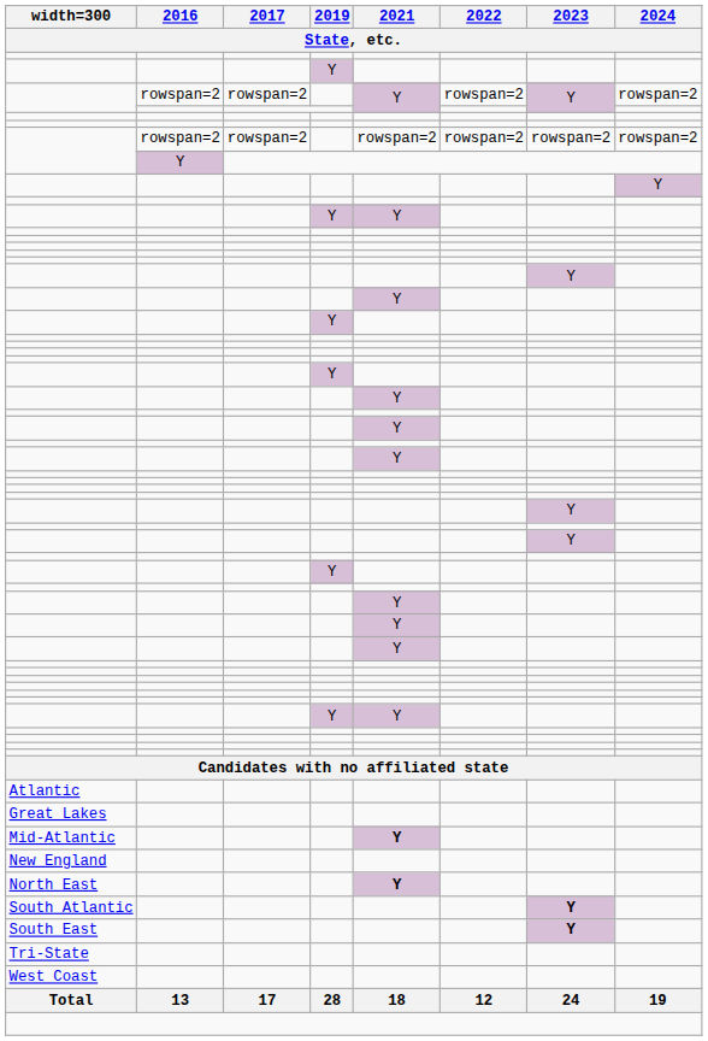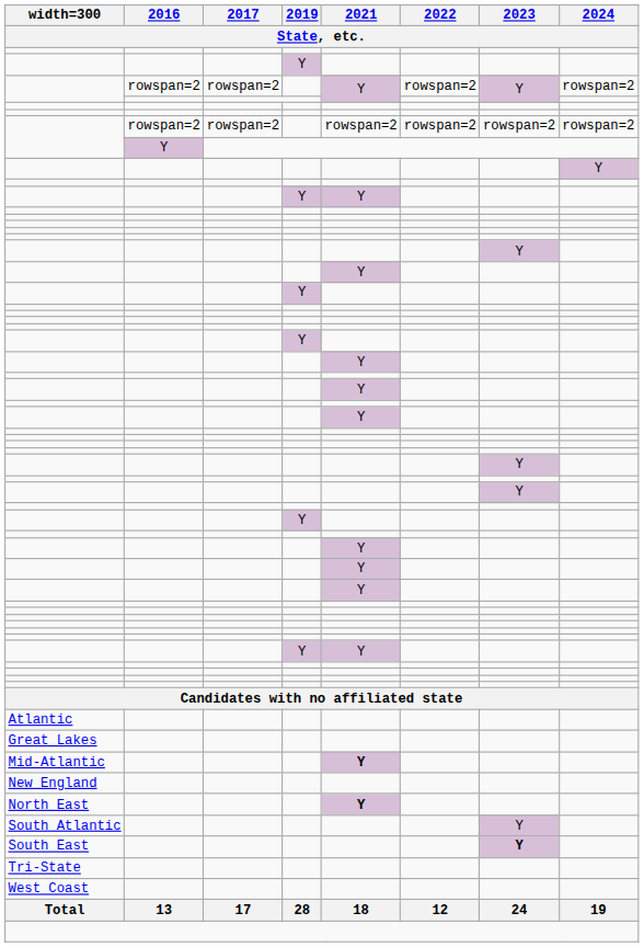 <table class="wikitable" style="font-size: 85%;">
 <tr>
 <th>width=300 </th>
 <th><a href='#'>2016</a></th>
 <th><a href='#'>2017</a></th>
 <th><a href='#'>2019</a></th>
 <th><a href='#'>2021</a></th>
 <th><a href='#'>2022</a></th>
 <th><a href='#'>2023</a></th>
 <th><a href='#'>2024</a></th>
 </tr>
 <tr>
 <th colspan=8><a href='#'>State</a>, etc.</th>
 </tr>
 <tr>
 <td></td>
 <td></td>
 <td></td>
 <td></td>
 <td></td>
 <td></td>
 <td></td>
 <td></td>
 </tr>
 <tr>
 <td></td>
 <td></td>
 <td></td>
 <td bgcolor=#D8BFD8 align=center>Y</td>
 <td></td>
 <td></td>
 <td></td>
 <td></td>
 </tr>
 <tr>
 <td rowspan=2></td>
 <td>rowspan=2 </td>
 <td>rowspan=2 </td>
 <td></td>
 <td rowspan=2 bgcolor=#D8BFD8 align=center>Y</td>
 <td>rowspan=2 </td>
 <td rowspan=2 bgcolor=#D8BFD8 align=center>Y</td>
 <td>rowspan=2 </td>
 </tr>
 <tr>
 <td></td>
 </tr>
 <tr>
 <td></td>
 <td></td>
 <td></td>
 <td></td>
 <td></td>
 <td></td>
 <td></td>
 <td></td>
 </tr>
 <tr>
 <td></td>
 <td></td>
 <td></td>
 <td></td>
 <td></td>
 <td></td>
 <td></td>
 <td></td>
 </tr>
 <tr>
 <td rowspan=2></td>
 <td>rowspan=2 </td>
 <td>rowspan=2 </td>
 <td></td>
 <td>rowspan=2 </td>
 <td>rowspan=2 </td>
 <td>rowspan=2 </td>
 <td>rowspan=2 </td>
 </tr>
 <tr>
 <td bgcolor=#D8BFD8 align=center>Y</td>
 </tr>
 <tr>
 <td></td>
 <td></td>
 <td></td>
 <td></td>
 <td></td>
 <td></td>
 <td></td>
 <td bgcolor=#D8BFD8 align=center>Y</td>
 </tr>
 <tr>
 <td></td>
 <td></td>
 <td></td>
 <td></td>
 <td></td>
 <td></td>
 <td></td>
 <td></td>
 </tr>
 <tr>
 <td></td>
 <td></td>
 <td></td>
 <td bgcolor=#D8BFD8 align=center>Y</td>
 <td bgcolor=#D8BFD8 align=center>Y</td>
 <td></td>
 <td></td>
 <td></td>
 </tr>
 <tr>
 <td></td>
 <td></td>
 <td></td>
 <td></td>
 <td></td>
 <td></td>
 <td></td>
 <td></td>
 </tr>
 <tr>
 <td></td>
 <td></td>
 <td></td>
 <td></td>
 <td></td>
 <td></td>
 <td></td>
 <td></td>
 </tr>
 <tr>
 <td></td>
 <td></td>
 <td></td>
 <td></td>
 <td></td>
 <td></td>
 <td></td>
 <td></td>
 </tr>
 <tr>
 <td></td>
 <td></td>
 <td></td>
 <td></td>
 <td></td>
 <td></td>
 <td></td>
 <td></td>
 </tr>
 <tr>
 <td></td>
 <td></td>
 <td></td>
 <td></td>
 <td></td>
 <td></td>
 <td></td>
 <td></td>
 </tr>
 <tr>
 <td></td>
 <td></td>
 <td></td>
 <td></td>
 <td></td>
 <td></td>
 <td bgcolor=#D8BFD8 align=center>Y</td>
 <td></td>
 </tr>
 <tr>
 <td></td>
 <td></td>
 <td></td>
 <td></td>
 <td bgcolor=#D8BFD8 align=center>Y</td>
 <td></td>
 <td></td>
 <td></td>
 </tr>
 <tr>
 <td></td>
 <td></td>
 <td></td>
 <td bgcolor=#D8BFD8 align=center>Y</td>
 <td></td>
 <td></td>
 <td></td>
 <td></td>
 </tr>
 <tr>
 <td></td>
 <td></td>
 <td></td>
 <td></td>
 <td></td>
 <td></td>
 <td></td>
 <td></td>
 </tr>
 <tr>
 <td></td>
 <td></td>
 <td></td>
 <td></td>
 <td></td>
 <td></td>
 <td></td>
 <td></td>
 </tr>
 <tr>
 <td></td>
 <td></td>
 <td></td>
 <td></td>
 <td></td>
 <td></td>
 <td></td>
 <td></td>
 </tr>
 <tr>
 <td></td>
 <td></td>
 <td></td>
 <td></td>
 <td></td>
 <td></td>
 <td></td>
 <td></td>
 </tr>
 <tr>
 <td></td>
 <td></td>
 <td></td>
 <td bgcolor=#D8BFD8 align=center>Y</td>
 <td></td>
 <td></td>
 <td></td>
 <td></td>
 </tr>
 <tr>
 <td></td>
 <td></td>
 <td></td>
 <td></td>
 <td bgcolor=#D8BFD8 align=center>Y</td>
 <td></td>
 <td></td>
 <td></td>
 </tr>
 <tr>
 <td></td>
 <td></td>
 <td></td>
 <td></td>
 <td></td>
 <td></td>
 <td></td>
 <td></td>
 </tr>
 <tr>
 <td></td>
 <td></td>
 <td></td>
 <td></td>
 <td bgcolor=#D8BFD8 align=center>Y</td>
 <td></td>
 <td></td>
 <td></td>
 </tr>
 <tr>
 <td></td>
 <td></td>
 <td></td>
 <td></td>
 <td></td>
 <td></td>
 <td></td>
 <td></td>
 </tr>
 <tr>
 <td></td>
 <td></td>
 <td></td>
 <td></td>
 <td bgcolor=#D8BFD8 align=center>Y</td>
 <td></td>
 <td></td>
 <td></td>
 </tr>
 <tr>
 <td></td>
 <td></td>
 <td></td>
 <td></td>
 <td></td>
 <td></td>
 <td></td>
 <td></td>
 </tr>
 <tr>
 <td></td>
 <td></td>
 <td></td>
 <td></td>
 <td></td>
 <td></td>
 <td></td>
 <td></td>
 </tr>
 <tr>
 <td></td>
 <td></td>
 <td></td>
 <td></td>
 <td></td>
 <td></td>
 <td></td>
 <td></td>
 </tr>
 <tr>
 <td></td>
 <td></td>
 <td></td>
 <td></td>
 <td></td>
 <td></td>
 <td></td>
 <td></td>
 </tr>
 <tr>
 <td></td>
 <td></td>
 <td></td>
 <td></td>
 <td></td>
 <td></td>
 <td bgcolor=#D8BFD8 align=center>Y</td>
 <td></td>
 </tr>
 <tr>
 <td></td>
 <td></td>
 <td></td>
 <td></td>
 <td></td>
 <td></td>
 <td></td>
 <td></td>
 </tr>
 <tr>
 <td></td>
 <td></td>
 <td></td>
 <td></td>
 <td></td>
 <td></td>
 <td bgcolor=#D8BFD8 align=center>Y</td>
 <td></td>
 </tr>
 <tr>
 <td></td>
 <td></td>
 <td></td>
 <td></td>
 <td></td>
 <td></td>
 <td></td>
 <td></td>
 </tr>
 <tr>
 <td></td>
 <td></td>
 <td></td>
 <td bgcolor=#D8BFD8 align=center>Y</td>
 <td></td>
 <td></td>
 <td></td>
 <td></td>
 </tr>
 <tr>
 <td></td>
 <td></td>
 <td></td>
 <td></td>
 <td></td>
 <td></td>
 <td></td>
 <td></td>
 </tr>
 <tr>
 <td></td>
 <td></td>
 <td></td>
 <td></td>
 <td bgcolor=#D8BFD8 align=center>Y</td>
 <td></td>
 <td></td>
 <td></td>
 </tr>
 <tr>
 <td></td>
 <td></td>
 <td></td>
 <td></td>
 <td bgcolor=#D8BFD8 align=center>Y</td>
 <td></td>
 <td></td>
 <td></td>
 </tr>
 <tr>
 <td></td>
 <td></td>
 <td></td>
 <td></td>
 <td bgcolor=#D8BFD8 align=center>Y</td>
 <td></td>
 <td></td>
 <td></td>
 </tr>
 <tr>
 <td></td>
 <td></td>
 <td></td>
 <td></td>
 <td></td>
 <td></td>
 <td></td>
 <td></td>
 </tr>
 <tr>
 <td></td>
 <td></td>
 <td></td>
 <td></td>
 <td></td>
 <td></td>
 <td></td>
 <td></td>
 </tr>
 <tr>
 <td></td>
 <td></td>
 <td></td>
 <td></td>
 <td></td>
 <td></td>
 <td></td>
 <td></td>
 </tr>
 <tr>
 <td></td>
 <td></td>
 <td></td>
 <td></td>
 <td></td>
 <td></td>
 <td></td>
 <td></td>
 </tr>
 <tr>
 <td></td>
 <td></td>
 <td></td>
 <td></td>
 <td></td>
 <td></td>
 <td></td>
 <td></td>
 </tr>
 <tr>
 <td></td>
 <td></td>
 <td></td>
 <td></td>
 <td></td>
 <td></td>
 <td></td>
 <td></td>
 </tr>
 <tr>
 <td></td>
 <td></td>
 <td></td>
 <td bgcolor=#D8BFD8 align=center>Y</td>
 <td bgcolor=#D8BFD8 align=center>Y</td>
 <td></td>
 <td></td>
 <td></td>
 </tr>
 <tr>
 <td></td>
 <td></td>
 <td></td>
 <td></td>
 <td></td>
 <td></td>
 <td></td>
 <td></td>
 </tr>
 <tr>
 <td></td>
 <td></td>
 <td></td>
 <td></td>
 <td></td>
 <td></td>
 <td></td>
 <td></td>
 </tr>
 <tr>
 <td></td>
 <td></td>
 <td></td>
 <td></td>
 <td></td>
 <td></td>
 <td></td>
 <td></td>
 </tr>
 <tr>
 <td></td>
 <td></td>
 <td></td>
 <td></td>
 <td></td>
 <td></td>
 <td></td>
 <td></td>
 </tr>
 <tr>
 <th colspan=8>Candidates with no affiliated state</th>
 </tr>
 <tr>
 <td><a href='#'>Atlantic</a></td>
 <td></td>
 <td></td>
 <td></td>
 <td></td>
 <td></td>
 <td></td>
 <td></td>
 </tr>
 <tr>
 <td><a href='#'>Great Lakes</a></td>
 <td></td>
 <td></td>
 <td></td>
 <td></td>
 <td></td>
 <td></td>
 <td></td>
 </tr>
 <tr>
 <td><a href='#'>Mid-Atlantic</a></td>
 <td></td>
 <td></td>
 <td></td>
 <td bgcolor=#D8BFD8 align=center><strong>Y</strong></td>
 <td></td>
 <td></td>
 <td></td>
 </tr>
 <tr>
 <td><a href='#'>New England</a></td>
 <td></td>
 <td></td>
 <td></td>
 <td></td>
 <td></td>
 <td></td>
 <td></td>
 </tr>
 <tr>
 <td><a href='#'>North East</a></td>
 <td></td>
 <td></td>
 <td></td>
 <td bgcolor=#D8BFD8 align=center><strong>Y</strong></td>
 <td></td>
 <td></td>
 <td></td>
 </tr>
 <tr>
 <td><a href='#'>South Atlantic</a></td>
 <td></td>
 <td></td>
 <td></td>
 <td></td>
 <td></td>
-<td bgcolor=#D8BFD8 align=center><strong>Y</strong></td>
+<td bgcolor=#D8BFD8 align=center>Y</td>
 <td></td>
 </tr>
 <tr>
 <td><a href='#'>South East</a></td>
 <td></td>
 <td></td>
 <td></td>
 <td></td>
 <td></td>
 <td bgcolor=#D8BFD8 align=center><strong>Y</strong></td>
 <td></td>
 </tr>
 <tr>
 <td><a href='#'>Tri-State</a></td>
 <td></td>
 <td></td>
 <td></td>
 <td></td>
 <td></td>
 <td></td>
 <td></td>
 </tr>
 <tr>
 <td><a href='#'>West Coast</a></td>
 <td></td>
 <td></td>
 <td></td>
 <td></td>
 <td></td>
 <td></td>
 <td></td>
 </tr>
 <tr>
 <th>Total</th>
 <th>13</th>
 <th>17</th>
 <th>28</th>
 <th>18</th>
 <th>12</th>
 <th>24</th>
 <th>19</th>
 </tr>
 <tr>
 <td colspan="9" align=left><br></td>
 </tr>
 </table>
